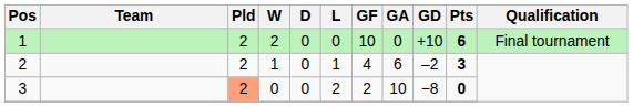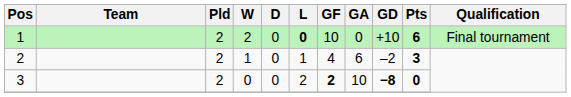 <table class="wikitable" border="1" style="text-align: center;">
 <tr>
 <th width="25"><abbr>Pos</abbr></th>
 <th width="190">Team</th>
 <th width="25"><abbr>Pld</abbr></th>
 <th width="25"><abbr>W</abbr></th>
 <th width="25"><abbr>D</abbr></th>
 <th width="25"><abbr>L</abbr></th>
 <th width="25"><abbr>GF</abbr></th>
 <th width="25"><abbr>GA</abbr></th>
 <th width="25"><abbr>GD</abbr></th>
 <th width="25"><abbr>Pts</abbr></th>
 <th width="150">Qualification</th>
 </tr>
 <tr bgcolor = #BBF3BB>
 <td>1</td>
 <td align="left"></td>
 <td>2</td>
 <td>2</td>
 <td>0</td>
-<td>0</td>
+<td><strong>0</strong></td>
 <td>10</td>
 <td>0</td>
 <td>+10</td>
 <td><strong>6</strong></td>
 <td>Final tournament</td>
 </tr>
 <tr>
 <td>2</td>
 <td align="left"></td>
 <td>2</td>
 <td>1</td>
 <td>0</td>
 <td>1</td>
 <td>4</td>
 <td>6</td>
 <td>–2</td>
 <td><strong>3</strong></td>
 </tr>
 <tr>
 <td>3</td>
 <td align="left"></td>
-<td style="background: lightsalmon;">2</td>
+<td>2</td>
 <td>0</td>
 <td>0</td>
 <td>2</td>
-<td>2</td>
+<td><strong>2</strong></td>
 <td>10</td>
-<td>−8</td>
+<td><strong>−8</strong></td>
 <td><strong>0</strong></td>
 </tr>
 <tr>
 </tr>
 </table>
